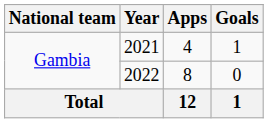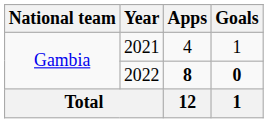 <table class=wikitable style=text-align:center>
 <tr>
 <th>National team</th>
 <th>Year</th>
 <th>Apps</th>
 <th>Goals</th>
 </tr>
 <tr>
 <td rowspan="2"><a href='#'>Gambia</a></td>
 <td>2021</td>
 <td>4</td>
 <td>1</td>
 </tr>
 <tr>
 <td>2022</td>
-<td>8</td>
-<td>0</td>
+<td><strong>8</strong></td>
+<td><strong>0</strong></td>
 </tr>
 <tr>
 <th colspan="2">Total</th>
 <th>12</th>
 <th>1</th>
 </tr>
 </table>
